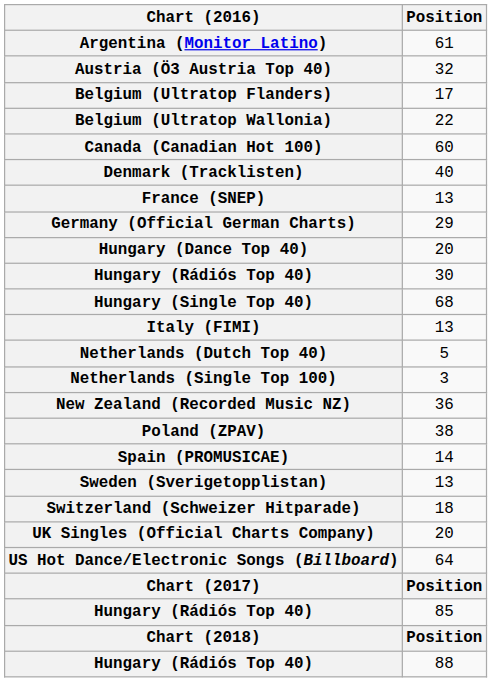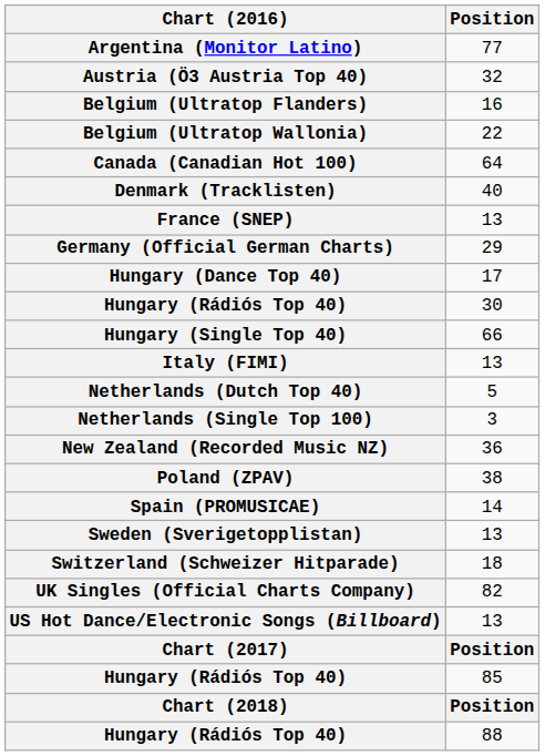 <table class="wikitable sortable plainrowheaders" style="text-align:center">
 <tr>
 <th scope="col">Chart (2016)</th>
 <th scope="col">Position</th>
 </tr>
 <tr>
 <th scope="row">Argentina (<a href='#'>Monitor Latino</a>)</th>
-<td>61</td>
+<td>77</td>
 </tr>
 <tr>
 <th scope="row">Austria (Ö3 Austria Top 40)</th>
 <td>32</td>
 </tr>
 <tr>
 <th scope="row">Belgium (Ultratop Flanders)</th>
-<td>17</td>
+<td>16</td>
 </tr>
 <tr>
 <th scope="row">Belgium (Ultratop Wallonia)</th>
 <td>22</td>
 </tr>
 <tr>
 <th scope="row">Canada (Canadian Hot 100)</th>
-<td>60</td>
+<td>64</td>
 </tr>
 <tr>
 <th scope="row">Denmark (Tracklisten)</th>
 <td>40</td>
 </tr>
 <tr>
 <th scope="row">France (SNEP)</th>
 <td>13</td>
 </tr>
 <tr>
 <th scope="row">Germany (Official German Charts)</th>
 <td>29</td>
 </tr>
 <tr>
 <th scope="row">Hungary (Dance Top 40)</th>
-<td>20</td>
+<td>17</td>
 </tr>
 <tr>
 <th scope="row">Hungary (Rádiós Top 40)</th>
 <td>30</td>
 </tr>
 <tr>
 <th scope="row">Hungary (Single Top 40)</th>
-<td>68</td>
+<td>66</td>
 </tr>
 <tr>
 <th scope="row">Italy (FIMI)</th>
 <td>13</td>
 </tr>
 <tr>
 <th scope="row">Netherlands (Dutch Top 40)</th>
 <td>5</td>
 </tr>
 <tr>
 <th scope="row">Netherlands (Single Top 100)</th>
 <td>3</td>
 </tr>
 <tr>
 <th scope="row">New Zealand (Recorded Music NZ)</th>
 <td>36</td>
 </tr>
 <tr>
 <th scope="row">Poland (ZPAV)</th>
 <td>38</td>
 </tr>
 <tr>
 <th scope="row">Spain (PROMUSICAE)</th>
 <td>14</td>
 </tr>
 <tr>
 <th scope="row">Sweden (Sverigetopplistan)</th>
 <td>13</td>
 </tr>
 <tr>
 <th scope="row">Switzerland (Schweizer Hitparade)</th>
 <td>18</td>
 </tr>
 <tr>
 <th scope="row">UK Singles (Official Charts Company)</th>
-<td>20</td>
+<td>82</td>
 </tr>
 <tr>
 <th scope="row">US Hot Dance/Electronic Songs (<em>Billboard</em>)</th>
-<td>64</td>
+<td>13</td>
 </tr>
 <tr>
 <th scope="col">Chart (2017)</th>
 <th scope="col">Position</th>
 </tr>
 <tr>
 <th scope="row">Hungary (Rádiós Top 40)</th>
 <td>85</td>
 </tr>
 <tr>
 <th scope="col">Chart (2018)</th>
 <th scope="col">Position</th>
 </tr>
 <tr>
 <th scope="row">Hungary (Rádiós Top 40)</th>
 <td>88</td>
 </tr>
 </table>
